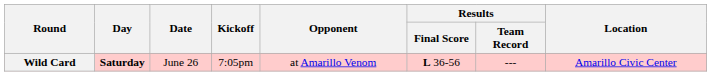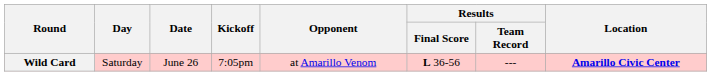 <table class="wikitable">
 <tr>
 <th rowspan="2" width="120">Round</th>
 <th rowspan="2" width="70">Day</th>
 <th rowspan="2" width="80">Date</th>
 <th rowspan="2" width="60">Kickoff</th>
 <th rowspan="2" width="200">Opponent</th>
 <th colspan="2" width="180">Results</th>
 <th rowspan="2" width="220">Location</th>
 </tr>
 <tr>
 <th width="90">Final Score</th>
 <th width="90">Team Record</th>
 </tr>
 <tr align="center" bgcolor="#FFCCCC">
 <th>Wild Card</th>
-<td align="center"><strong>Saturday</strong></td>
+<td align="center">Saturday</td>
 <td align="center">June 26</td>
 <td align="center">7:05pm</td>
 <td align="center">at <a href='#'>Amarillo Venom</a></td>
 <td align="center"><strong>L</strong> 36-56</td>
 <td align="center">---</td>
-<td align="center"><a href='#'>Amarillo Civic Center</a></td>
+<td align="center"><strong><a href='#'>Amarillo Civic Center</a></strong></td>
 </tr>
 </table>
